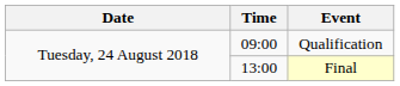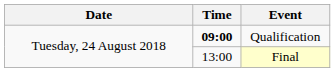 <table class = "wikitable" style="text-align:center;">
 <tr>
 <th width=220>Date</th>
 <th width=50>Time</th>
 <th width=100>Event</th>
 </tr>
 <tr>
 <td rowspan=2>Tuesday, 24 August 2018</td>
-<td>09:00</td>
+<td><strong>09:00</strong></td>
 <td>Qualification</td>
 </tr>
 <tr>
 <td>13:00</td>
 <td bgcolor=ffffcc>Final</td>
 </tr>
 </table>
